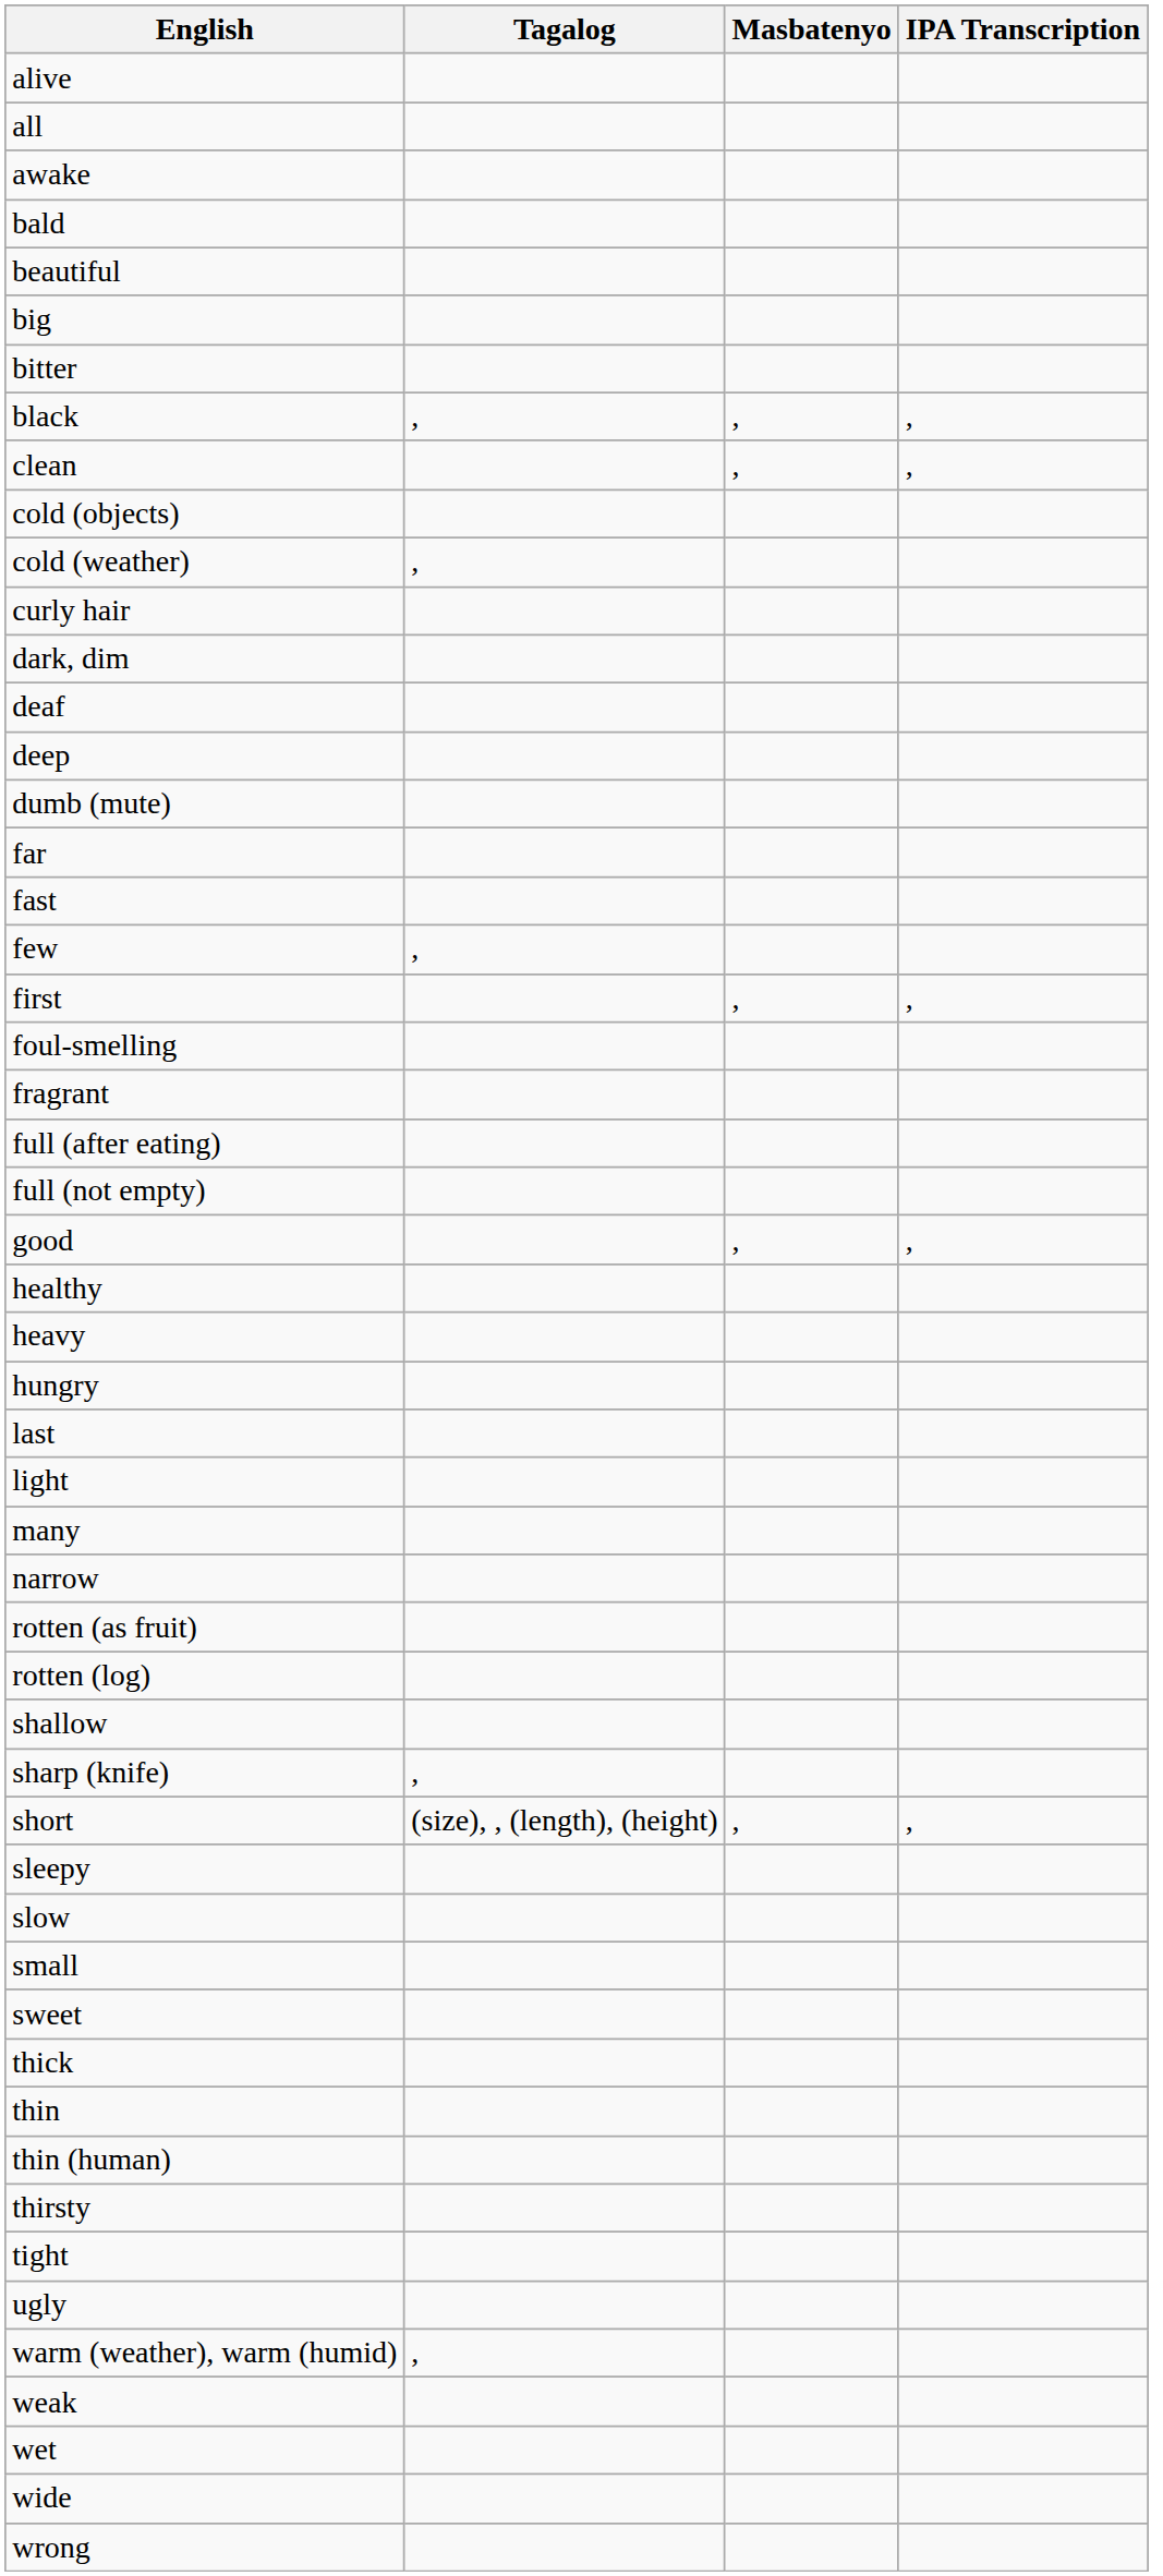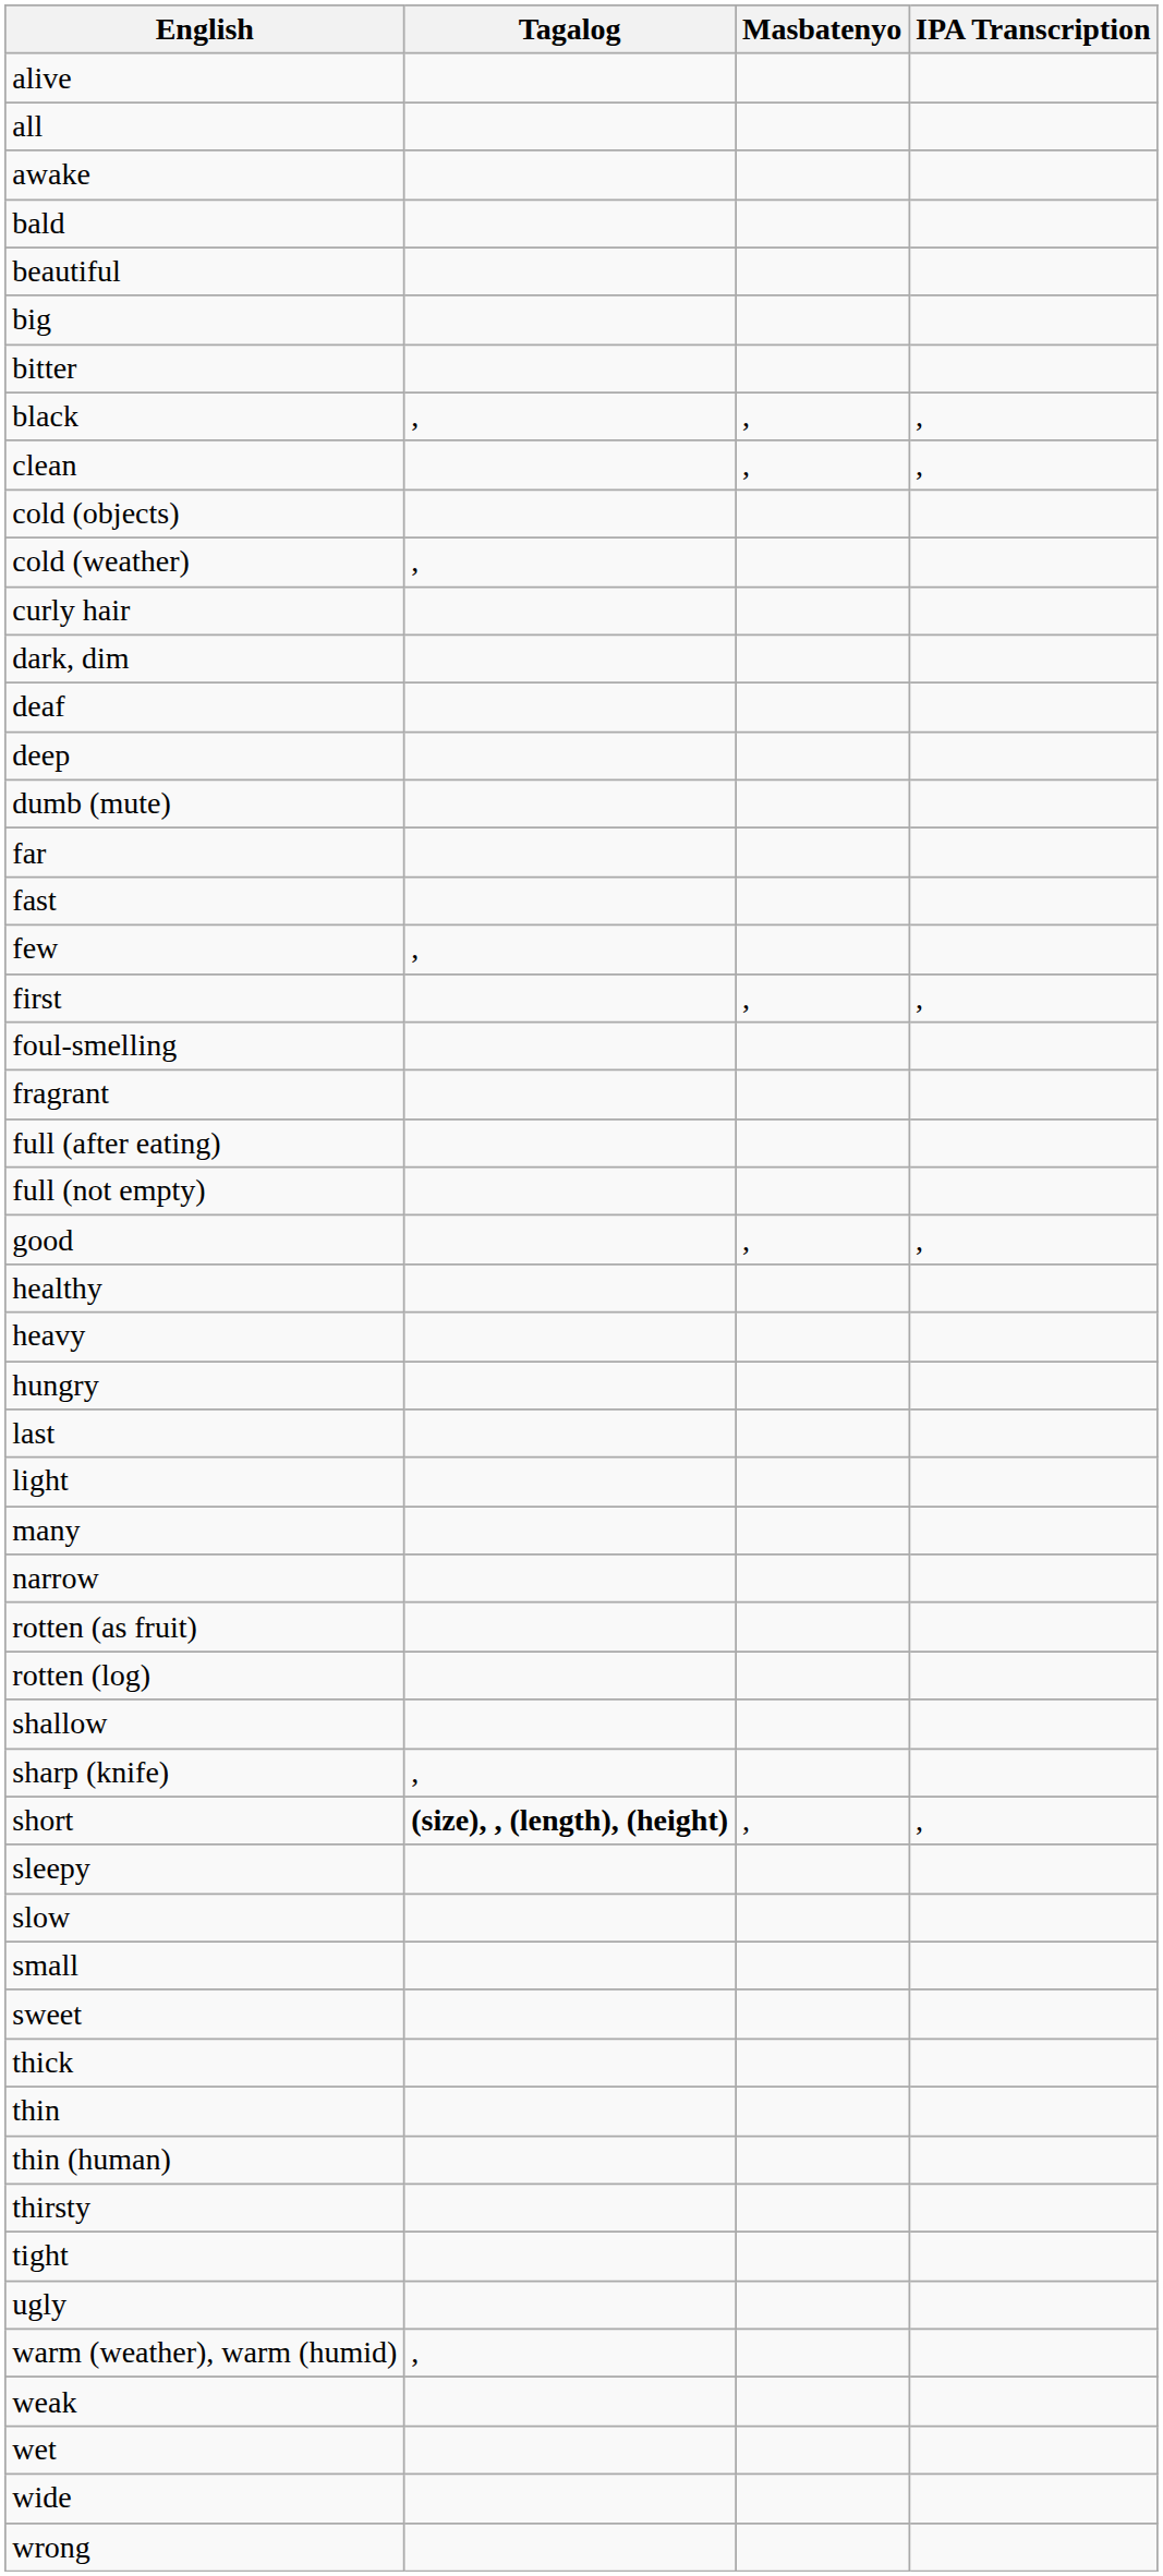 <table class="wikitable">
 <tr>
 <th>English</th>
 <th>Tagalog</th>
 <th>Masbatenyo</th>
 <th>IPA Transcription</th>
 </tr>
 <tr>
 <td>alive</td>
 <td></td>
 <td></td>
 <td></td>
 </tr>
 <tr>
 <td>all</td>
 <td></td>
 <td></td>
 <td></td>
 </tr>
 <tr>
 <td>awake</td>
 <td></td>
 <td></td>
 <td></td>
 </tr>
 <tr>
 <td>bald</td>
 <td></td>
 <td></td>
 <td></td>
 </tr>
 <tr>
 <td>beautiful</td>
 <td></td>
 <td></td>
 <td></td>
 </tr>
 <tr>
 <td>big</td>
 <td></td>
 <td></td>
 <td></td>
 </tr>
 <tr>
 <td>bitter</td>
 <td></td>
 <td></td>
 <td></td>
 </tr>
 <tr>
 <td>black</td>
 <td>, </td>
 <td>, </td>
 <td>, </td>
 </tr>
 <tr>
 <td>clean</td>
 <td></td>
 <td>, </td>
 <td>, </td>
 </tr>
 <tr>
 <td>cold (objects)</td>
 <td></td>
 <td></td>
 <td></td>
 </tr>
 <tr>
 <td>cold (weather)</td>
 <td>, </td>
 <td></td>
 <td></td>
 </tr>
 <tr>
 <td>curly hair</td>
 <td></td>
 <td></td>
 <td></td>
 </tr>
 <tr>
 <td>dark, dim</td>
 <td></td>
 <td></td>
 <td></td>
 </tr>
 <tr>
 <td>deaf</td>
 <td></td>
 <td></td>
 <td></td>
 </tr>
 <tr>
 <td>deep</td>
 <td></td>
 <td></td>
 <td></td>
 </tr>
 <tr>
 <td>dumb (mute)</td>
 <td></td>
 <td></td>
 <td></td>
 </tr>
 <tr>
 <td>far</td>
 <td></td>
 <td></td>
 <td></td>
 </tr>
 <tr>
 <td>fast</td>
 <td></td>
 <td></td>
 <td></td>
 </tr>
 <tr>
 <td>few</td>
 <td>, </td>
 <td></td>
 <td></td>
 </tr>
 <tr>
 <td>first</td>
 <td></td>
 <td>, </td>
 <td>, </td>
 </tr>
 <tr>
 <td>foul-smelling</td>
 <td></td>
 <td></td>
 <td></td>
 </tr>
 <tr>
 <td>fragrant</td>
 <td></td>
 <td></td>
 <td></td>
 </tr>
 <tr>
 <td>full (after eating)</td>
 <td></td>
 <td></td>
 <td></td>
 </tr>
 <tr>
 <td>full (not empty)</td>
 <td></td>
 <td></td>
 <td></td>
 </tr>
 <tr>
 <td>good</td>
 <td></td>
 <td>, </td>
 <td>, </td>
 </tr>
 <tr>
 <td>healthy</td>
 <td></td>
 <td></td>
 <td></td>
 </tr>
 <tr>
 <td>heavy</td>
 <td></td>
 <td></td>
 <td></td>
 </tr>
 <tr>
 <td>hungry</td>
 <td></td>
 <td></td>
 <td></td>
 </tr>
 <tr>
 <td>last</td>
 <td></td>
 <td></td>
 <td></td>
 </tr>
 <tr>
 <td>light</td>
 <td></td>
 <td></td>
 <td></td>
 </tr>
 <tr>
 <td>many</td>
 <td></td>
 <td></td>
 <td></td>
 </tr>
 <tr>
 <td>narrow</td>
 <td></td>
 <td></td>
 <td></td>
 </tr>
 <tr>
 <td>rotten (as fruit)</td>
 <td></td>
 <td></td>
 <td></td>
 </tr>
 <tr>
 <td>rotten (log)</td>
 <td></td>
 <td></td>
 <td></td>
 </tr>
 <tr>
 <td>shallow</td>
 <td></td>
 <td></td>
 <td></td>
 </tr>
 <tr>
 <td>sharp (knife)</td>
 <td>, </td>
 <td></td>
 <td></td>
 </tr>
 <tr>
 <td>short</td>
-<td> (size), ,  (length),  (height)</td>
+<td><strong> (size), ,  (length),  (height)</strong></td>
 <td>, </td>
 <td>, </td>
 </tr>
 <tr>
 <td>sleepy</td>
 <td></td>
 <td></td>
 <td></td>
 </tr>
 <tr>
 <td>slow</td>
 <td></td>
 <td></td>
 <td></td>
 </tr>
 <tr>
 <td>small</td>
 <td></td>
 <td></td>
 <td></td>
 </tr>
 <tr>
 <td>sweet</td>
 <td></td>
 <td></td>
 <td></td>
 </tr>
 <tr>
 <td>thick</td>
 <td></td>
 <td></td>
 <td></td>
 </tr>
 <tr>
 <td>thin</td>
 <td></td>
 <td></td>
 <td></td>
 </tr>
 <tr>
 <td>thin (human)</td>
 <td></td>
 <td></td>
 <td></td>
 </tr>
 <tr>
 <td>thirsty</td>
 <td></td>
 <td></td>
 <td></td>
 </tr>
 <tr>
 <td>tight</td>
 <td></td>
 <td></td>
 <td></td>
 </tr>
 <tr>
 <td>ugly</td>
 <td></td>
 <td></td>
 <td></td>
 </tr>
 <tr>
 <td>warm (weather), warm (humid)</td>
 <td>, </td>
 <td></td>
 <td></td>
 </tr>
 <tr>
 <td>weak</td>
 <td></td>
 <td></td>
 <td></td>
 </tr>
 <tr>
 <td>wet</td>
 <td></td>
 <td></td>
 <td></td>
 </tr>
 <tr>
 <td>wide</td>
 <td></td>
 <td></td>
 <td></td>
 </tr>
 <tr>
 <td>wrong</td>
 <td></td>
 <td></td>
 <td></td>
 </tr>
 </table>
